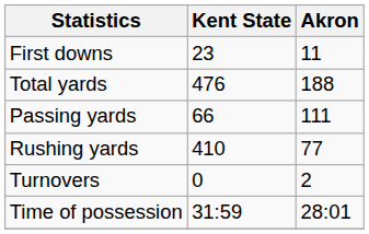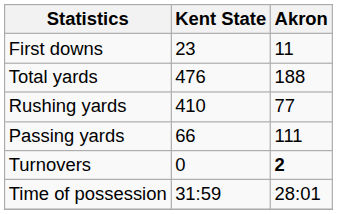 <table class="wikitable">
 <tr>
 <th>Statistics</th>
 <th>Kent State</th>
 <th>Akron</th>
 </tr>
 <tr>
 <td>First downs</td>
 <td>23</td>
 <td>11</td>
 </tr>
 <tr>
 <td>Total yards</td>
 <td>476</td>
 <td>188</td>
 </tr>
 <tr>
+<td>Rushing yards</td>
+<td>410</td>
+<td>77</td>
+</tr>
+<tr>
 <td>Passing yards</td>
 <td>66</td>
 <td>111</td>
 </tr>
 <tr>
-<td>Rushing yards</td>
-<td>410</td>
-<td>77</td>
-</tr>
-<tr>
 <td>Turnovers</td>
 <td>0</td>
-<td>2</td>
+<td><strong>2</strong></td>
 </tr>
 <tr>
 <td>Time of possession</td>
 <td>31:59</td>
 <td>28:01</td>
 </tr>
 <tr>
 </tr>
 </table>
